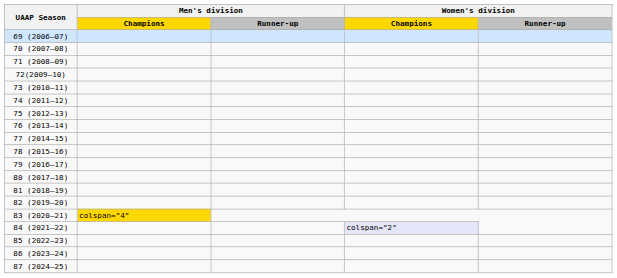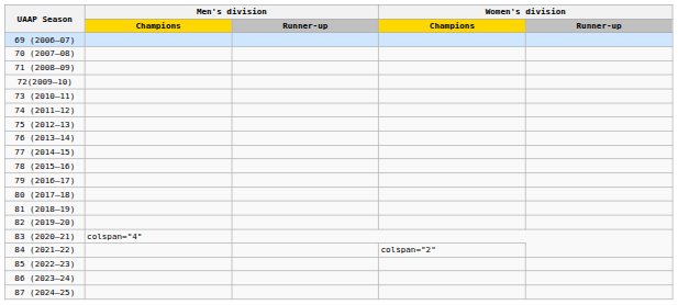 <table class="wikitable" style="font-size:90%;">
 <tr bgcolor="#c1d8ff">
 <th rowspan=2 width=12%>UAAP Season</th>
 <th colspan=2>Men's division</th>
 <th colspan=2>Women's division</th>
 </tr>
 <tr>
 <th ! width=200px style="background:gold;">Champions</th>
 <th ! width=200px style="background:silver;">Runner-up</th>
 <th ! width=200px style="background:gold;">Champions</th>
 <th ! width=200px style="background:silver;">Runner-up</th>
 </tr>
 <tr bgcolor="#D0E6FF">
 <td align=center>69 (2006–07)</td>
 <td></td>
 <td></td>
 <td></td>
 <td></td>
 </tr>
 <tr>
 <td align=center>70 (2007–08)</td>
 <td></td>
 <td></td>
 <td></td>
 <td></td>
 </tr>
 <tr>
 <td align=center>71 (2008–09)</td>
 <td></td>
 <td></td>
 <td></td>
 <td></td>
 </tr>
 <tr>
 <td align=center>72(2009–10)</td>
 <td></td>
 <td></td>
 <td></td>
 <td></td>
 </tr>
 <tr>
 <td align=center>73 (2010–11)</td>
 <td></td>
 <td></td>
 <td></td>
 <td></td>
 </tr>
 <tr>
 <td align=center>74 (2011–12)</td>
 <td></td>
 <td></td>
 <td></td>
 <td></td>
 </tr>
 <tr>
 <td align=center>75 (2012–13)</td>
 <td></td>
 <td></td>
 <td></td>
 <td></td>
 </tr>
 <tr>
 <td align=center>76 (2013–14)</td>
 <td></td>
 <td></td>
 <td></td>
 <td></td>
 </tr>
 <tr>
 <td align=center>77 (2014–15)</td>
 <td></td>
 <td></td>
 <td></td>
 <td></td>
 </tr>
 <tr>
 <td align=center>78 (2015–16)</td>
 <td></td>
 <td></td>
 <td></td>
 <td></td>
 </tr>
 <tr>
 <td align=center>79 (2016–17)</td>
 <td></td>
 <td></td>
 <td></td>
 <td></td>
 </tr>
 <tr>
 <td align=center>80 (2017–18)</td>
 <td></td>
 <td></td>
 <td> </td>
 <td></td>
 </tr>
 <tr>
 <td align=center>81 (2018–19)</td>
 <td></td>
 <td></td>
 <td></td>
 <td></td>
 </tr>
 <tr>
 <td align=center>82 (2019–20)</td>
 <td></td>
 <td></td>
 <td></td>
 <td></td>
 </tr>
 <tr>
 <td align=center>83 (2020–21)</td>
-<td style="background: gold;">colspan="4" </td>
+<td>colspan="4" </td>
 </tr>
 <tr>
 <td align=center>84 (2021–22)</td>
 <td></td>
 <td></td>
-<td style="background: lavender;">colspan="2" </td>
+<td>colspan="2" </td>
 </tr>
 <tr>
 <td align=center>85 (2022–23)</td>
 <td></td>
 <td></td>
 <td></td>
 <td></td>
 </tr>
 <tr>
 <td align=center>86 (2023–24)</td>
 <td></td>
 <td></td>
 <td></td>
 <td></td>
 </tr>
 <tr>
 <td align=center>87 (2024–25)</td>
 <td></td>
 <td></td>
 <td></td>
 <td></td>
 </tr>
 </table>
